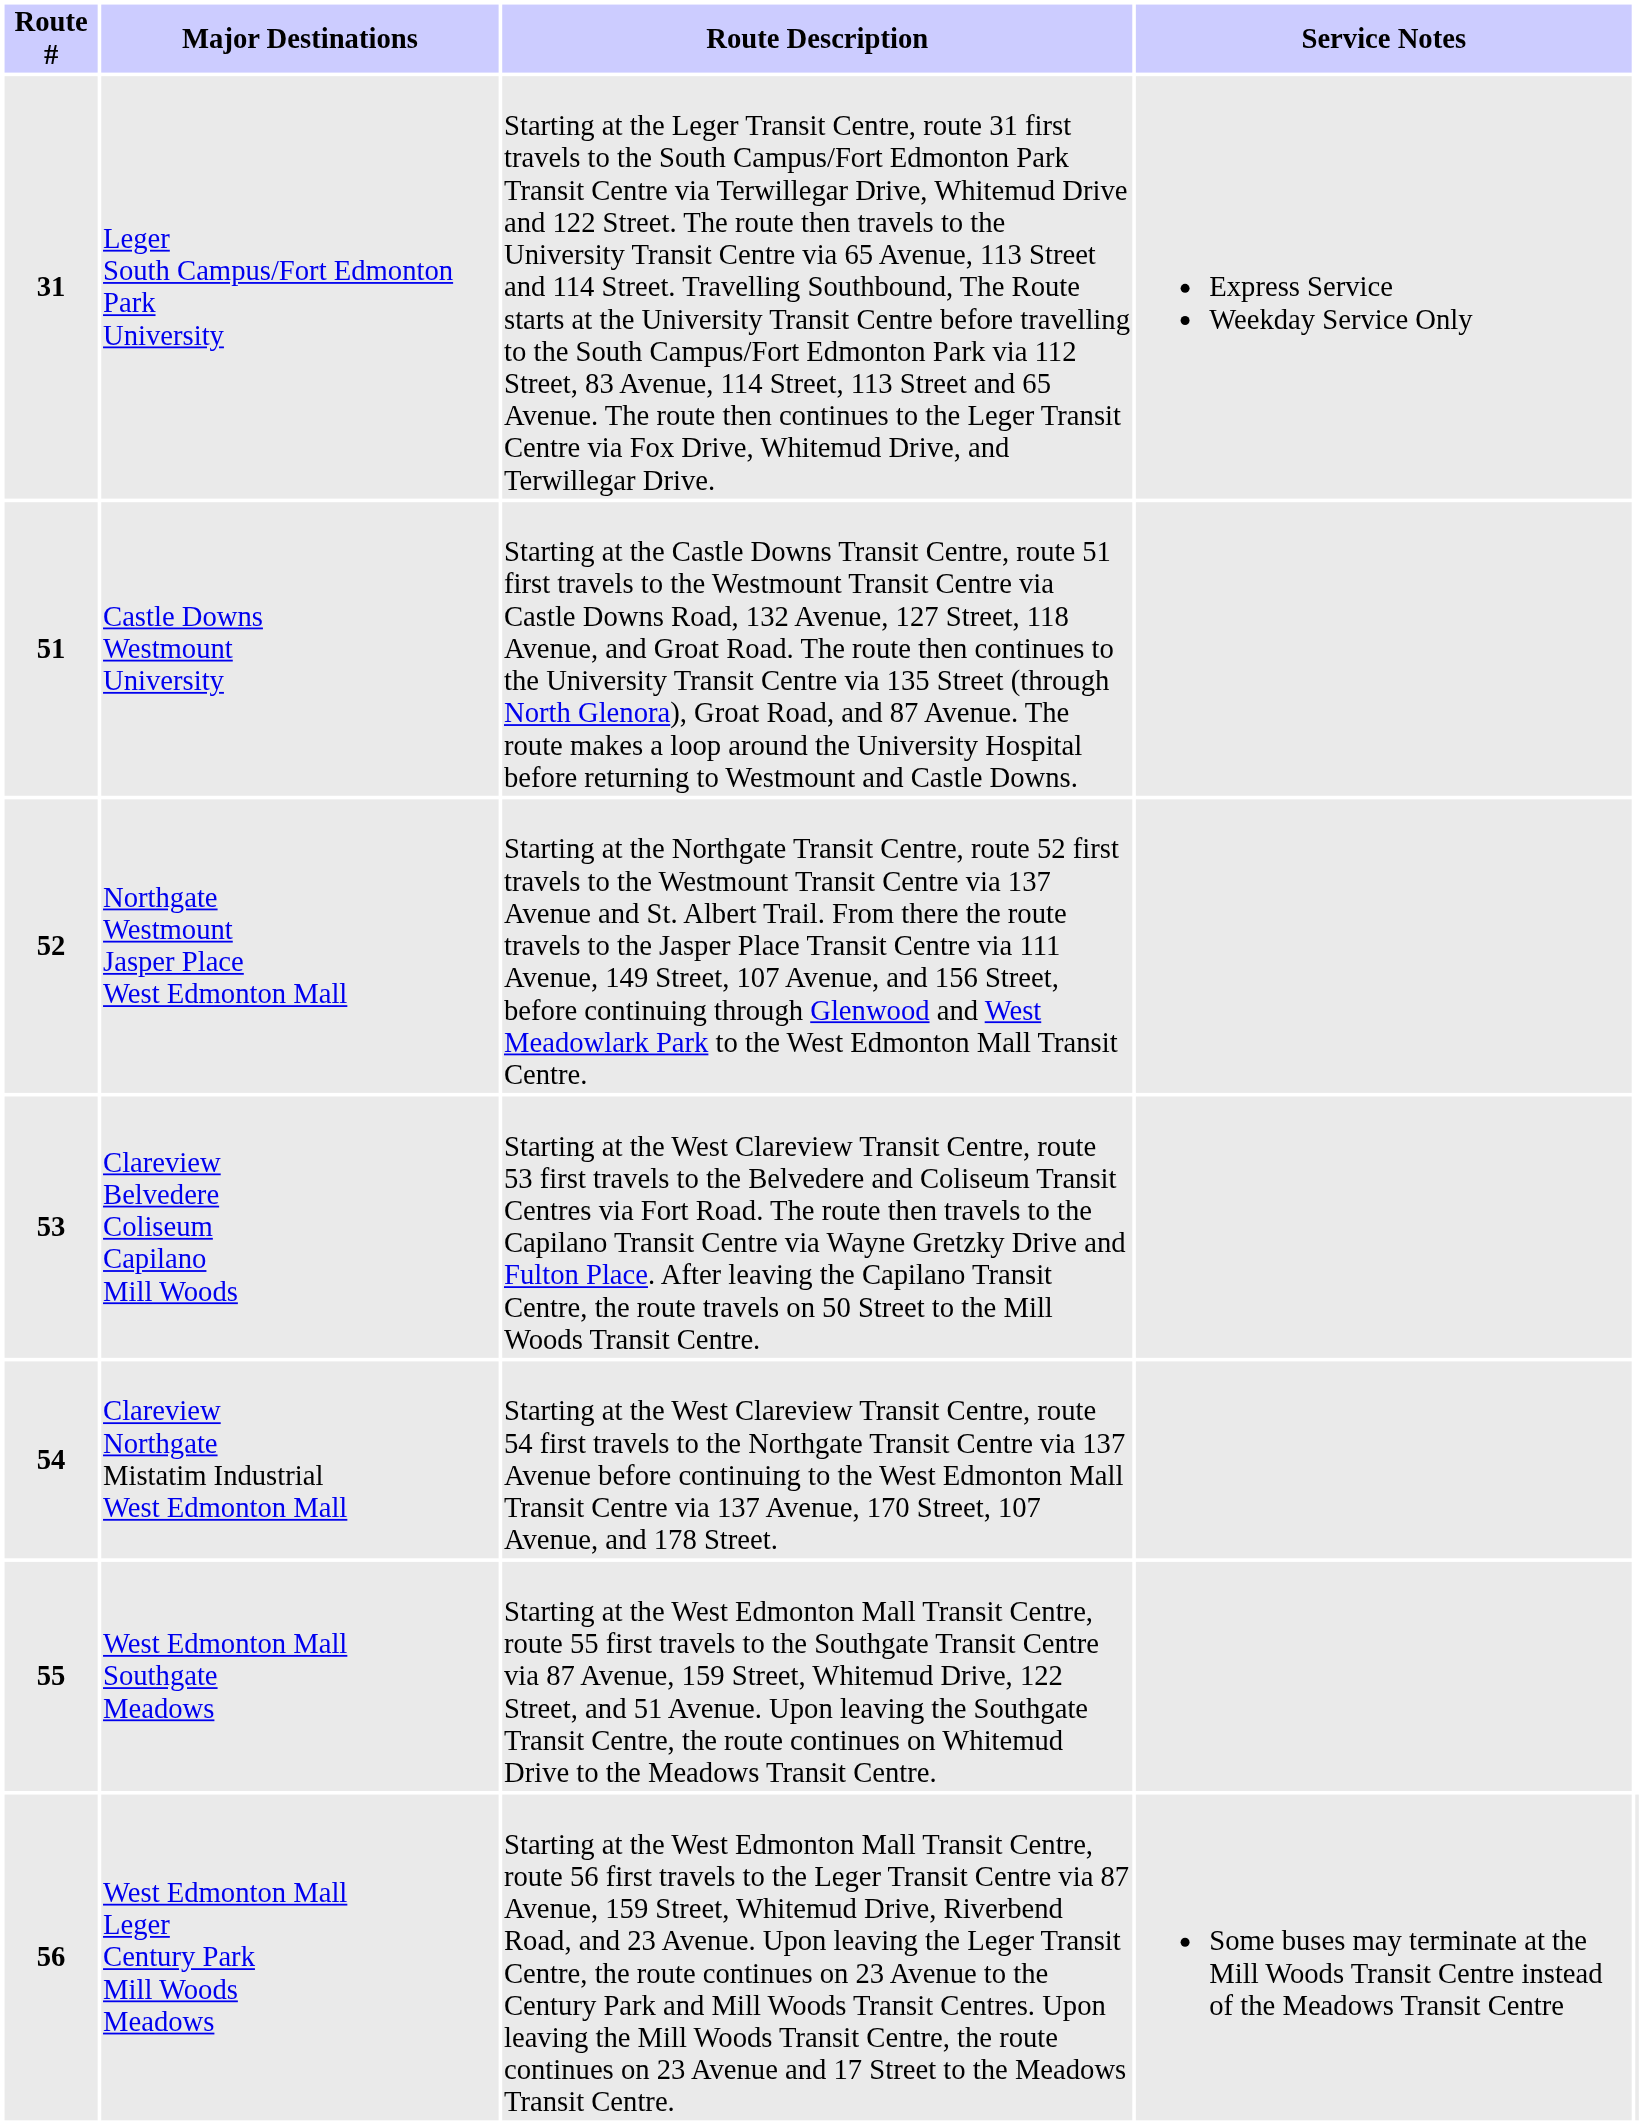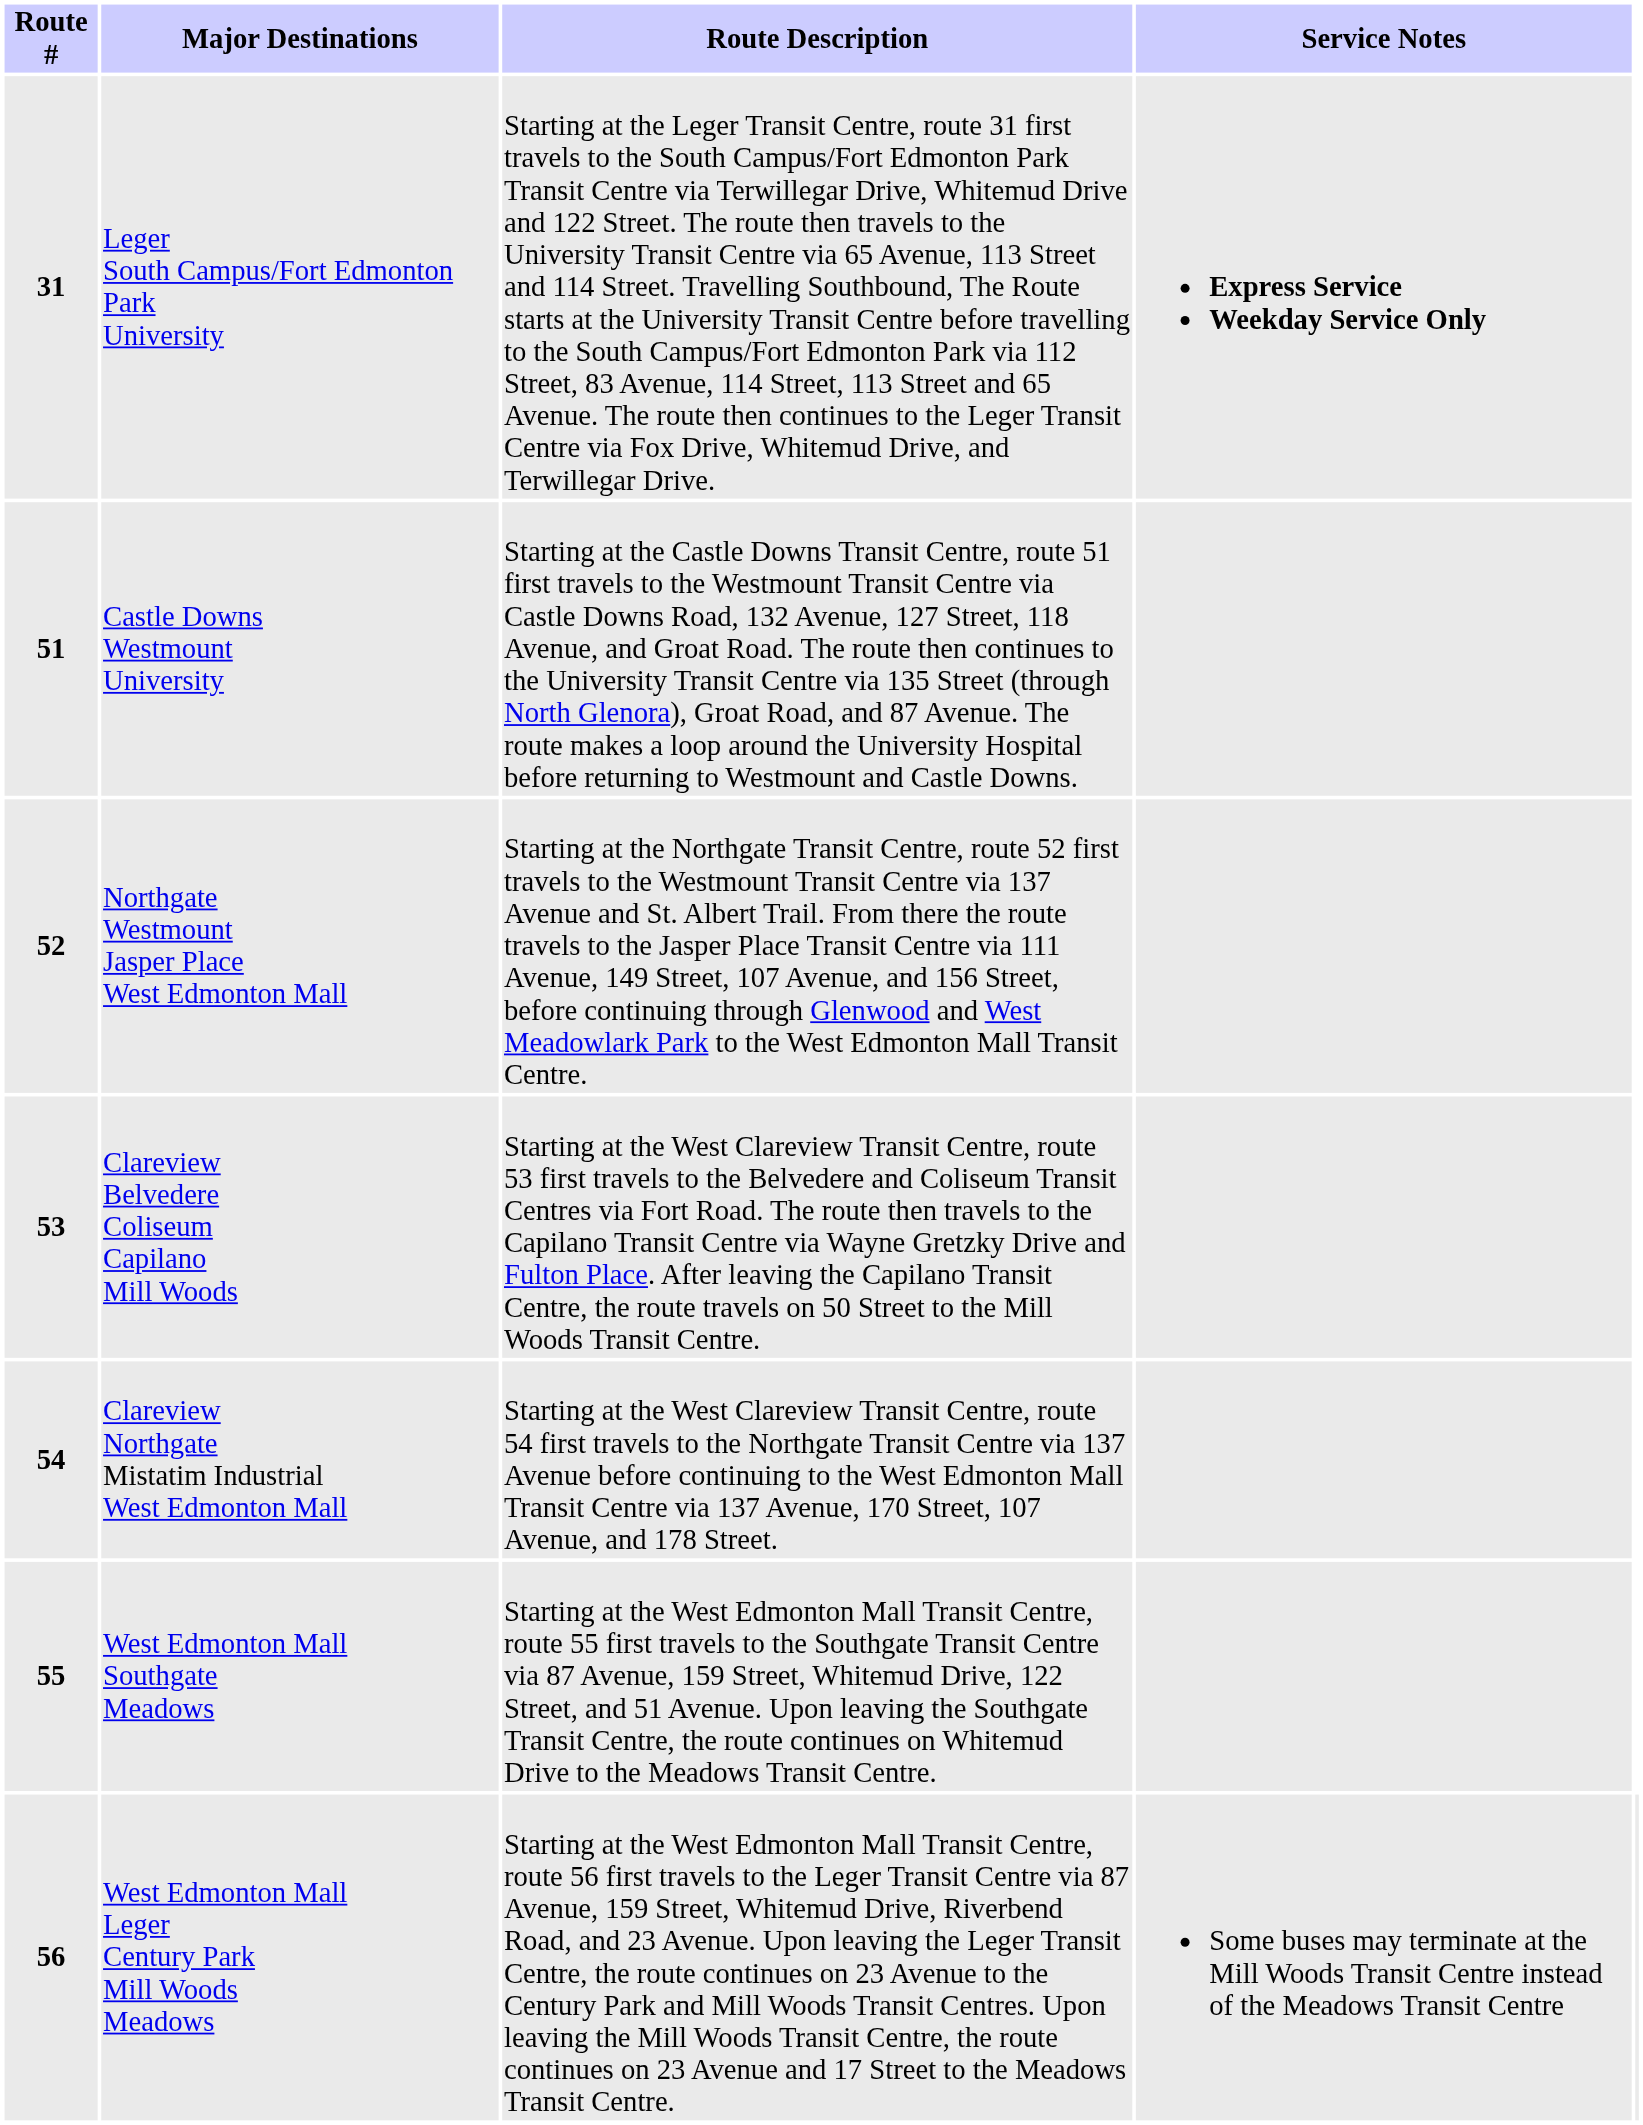 <table>
 <tr bgcolor="#ccccff">
 <th colspan="2" width="50" align="center"><strong>Route #</strong></th>
 <td width="220" align="center"><strong>Major Destinations</strong></td>
 <td width="350" align="center"><strong>Route Description</strong></td>
 <td width="275" align="center"><strong>Service Notes</strong></td>
 </tr>
 <tr bgcolor="#eaeaea">
 <td colspan="2"align="center"><strong>31</strong></td>
 <td><a href='#'>Leger</a><br><a href='#'>South Campus/Fort Edmonton Park</a><br><a href='#'>University</a></td>
 <td><br>Starting at the Leger Transit Centre, route 31 first travels to the South Campus/Fort Edmonton Park Transit Centre via Terwillegar Drive, Whitemud Drive and 122 Street. The route then travels to the University Transit Centre via 65 Avenue, 113 Street and 114 Street. Travelling Southbound, The Route starts at the University Transit Centre before travelling to the South Campus/Fort Edmonton Park via 112 Street, 83 Avenue, 114 Street, 113 Street and 65 Avenue. The route then continues to the Leger Transit Centre via Fox Drive, Whitemud Drive, and Terwillegar Drive.</td>
-<td><br><ul><li>Express Service</li><li>Weekday Service Only</li></ul></td>
+<td><strong><br><ul><li>Express Service</li><li>Weekday Service Only</li></ul></strong></td>
 </tr>
 <tr bgcolor="#eaeaea">
 <td colspan="2"align="center"><strong>51</strong></td>
 <td><a href='#'>Castle Downs</a><br><a href='#'>Westmount</a><br><a href='#'>University</a></td>
 <td><br>Starting at the Castle Downs Transit Centre, route 51 first travels to the Westmount Transit Centre via Castle Downs Road, 132 Avenue, 127 Street, 118 Avenue, and Groat Road. The route then continues to the University Transit Centre via 135 Street (through <a href='#'>North Glenora</a>), Groat Road, and 87 Avenue. The route makes a loop around the University Hospital before returning to Westmount and Castle Downs.</td>
 <td></td>
 </tr>
 <tr bgcolor="#eaeaea">
 <td colspan="2"align="center"><strong>52</strong></td>
 <td><a href='#'>Northgate</a><br><a href='#'>Westmount</a><br><a href='#'>Jasper Place</a><br><a href='#'>West Edmonton Mall</a></td>
 <td><br>Starting at the Northgate Transit Centre, route 52 first travels to the Westmount Transit Centre via 137 Avenue and St. Albert Trail. From there the route travels to the Jasper Place Transit Centre via 111 Avenue, 149 Street, 107 Avenue, and 156 Street, before continuing through <a href='#'>Glenwood</a> and <a href='#'>West Meadowlark Park</a> to the West Edmonton Mall Transit Centre.</td>
 <td></td>
 </tr>
 <tr bgcolor="#eaeaea">
 <td colspan="2"align="center"><strong>53</strong></td>
 <td><a href='#'>Clareview</a><br><a href='#'>Belvedere</a><br><a href='#'>Coliseum</a><br><a href='#'>Capilano</a><br><a href='#'>Mill Woods</a></td>
 <td><br>Starting at the West Clareview Transit Centre, route 53 first travels to the Belvedere and Coliseum Transit Centres via Fort Road. The route then travels to the Capilano Transit Centre via Wayne Gretzky Drive and <a href='#'>Fulton Place</a>. After leaving the Capilano Transit Centre, the route travels on 50 Street to the Mill Woods Transit Centre.</td>
 <td></td>
 </tr>
 <tr bgcolor="#eaeaea">
 <td colspan="2"align="center"><strong>54</strong></td>
 <td><a href='#'>Clareview</a><br><a href='#'>Northgate</a><br>Mistatim Industrial<br><a href='#'>West Edmonton Mall</a></td>
 <td><br>Starting at the West Clareview Transit Centre, route 54 first travels to the Northgate Transit Centre via 137 Avenue before continuing to the West Edmonton Mall Transit Centre via 137 Avenue, 170 Street, 107 Avenue, and 178 Street.</td>
 <td></td>
 </tr>
 <tr bgcolor="#eaeaea">
 <td colspan="2"align="center"><strong>55</strong></td>
 <td><a href='#'>West Edmonton Mall</a><br><a href='#'>Southgate</a><br><a href='#'>Meadows</a></td>
 <td><br>Starting at the West Edmonton Mall Transit Centre, route 55 first travels to the Southgate Transit Centre via 87 Avenue, 159 Street, Whitemud Drive, 122 Street, and 51 Avenue. Upon leaving the Southgate Transit Centre, the route continues on Whitemud Drive to the Meadows Transit Centre.</td>
 <td></td>
 </tr>
 <tr bgcolor="#eaeaea">
 <td colspan="2"align="center"><strong>56</strong></td>
 <td><a href='#'>West Edmonton Mall</a><br><a href='#'>Leger</a><br><a href='#'>Century Park</a><br><a href='#'>Mill Woods</a><br><a href='#'> Meadows</a></td>
 <td><br>Starting at the West Edmonton Mall Transit Centre, route 56 first travels to the Leger Transit Centre via 87 Avenue, 159 Street, Whitemud Drive, Riverbend Road, and 23 Avenue. Upon leaving the Leger Transit Centre, the route continues on 23 Avenue to the Century Park and Mill Woods Transit Centres. Upon leaving the Mill Woods Transit Centre, the route continues on 23 Avenue and 17 Street to the Meadows Transit Centre.</td>
 <td><br><ul><li>Some buses may terminate at the Mill Woods Transit Centre instead of the Meadows Transit Centre</li></ul></td>
 <td></td>
 </tr>
 </table>
